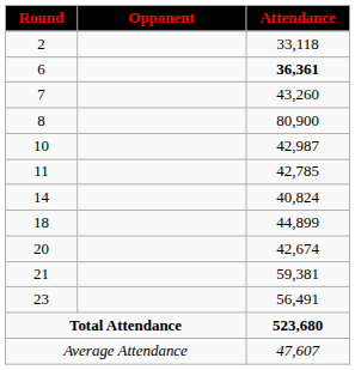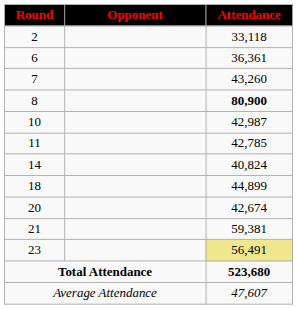 <table class="wikitable sortable" style="text-align:center; font-size:90%">
 <tr>
 <th width=60 style="background:#000000; color:red; text-align:center;">Round</th>
 <th width=150 style="background:#000000; color:red; text-align:center;" class="unsortable">Opponent</th>
 <th width=90 style="background:#000000; color:red; text-align:center;">Attendance</th>
 </tr>
 <tr>
 <td>2</td>
 <td></td>
 <td>33,118</td>
 </tr>
 <tr>
 <td>6</td>
 <td></td>
-<td><strong>36,361</strong></td>
+<td>36,361</td>
 </tr>
 <tr>
 <td>7</td>
 <td></td>
 <td>43,260</td>
 </tr>
 <tr>
 <td>8</td>
 <td></td>
-<td>80,900</td>
+<td><strong>80,900</strong></td>
 </tr>
 <tr>
 <td>10</td>
 <td></td>
 <td>42,987</td>
 </tr>
 <tr>
 <td>11</td>
 <td></td>
 <td>42,785</td>
 </tr>
 <tr>
 <td>14</td>
 <td></td>
 <td>40,824</td>
 </tr>
 <tr>
 <td>18</td>
 <td></td>
 <td>44,899</td>
 </tr>
 <tr>
 <td>20</td>
 <td></td>
 <td>42,674</td>
 </tr>
 <tr>
 <td>21</td>
 <td></td>
 <td>59,381</td>
 </tr>
 <tr>
 <td>23</td>
 <td></td>
-<td>56,491</td>
+<td style="background: khaki;">56,491</td>
 </tr>
 <tr class="sortbottom">
 <td colspan="2"><strong>Total Attendance</strong></td>
 <td><strong>523,680</strong></td>
 </tr>
 <tr class="sortbottom">
 <td colspan="2"><em>Average Attendance</em></td>
 <td><em>47,607</em></td>
 </tr>
 </table>
